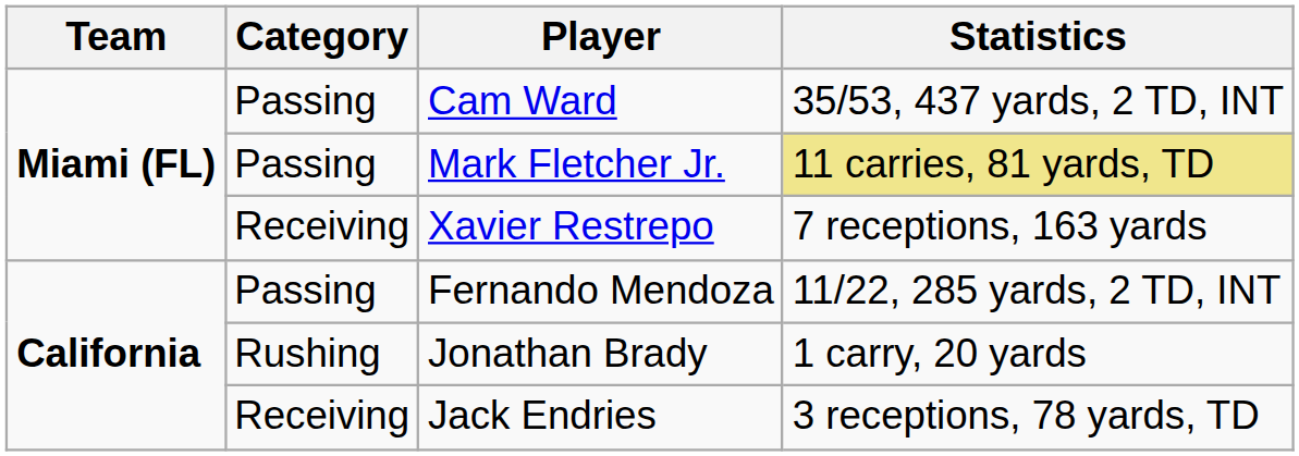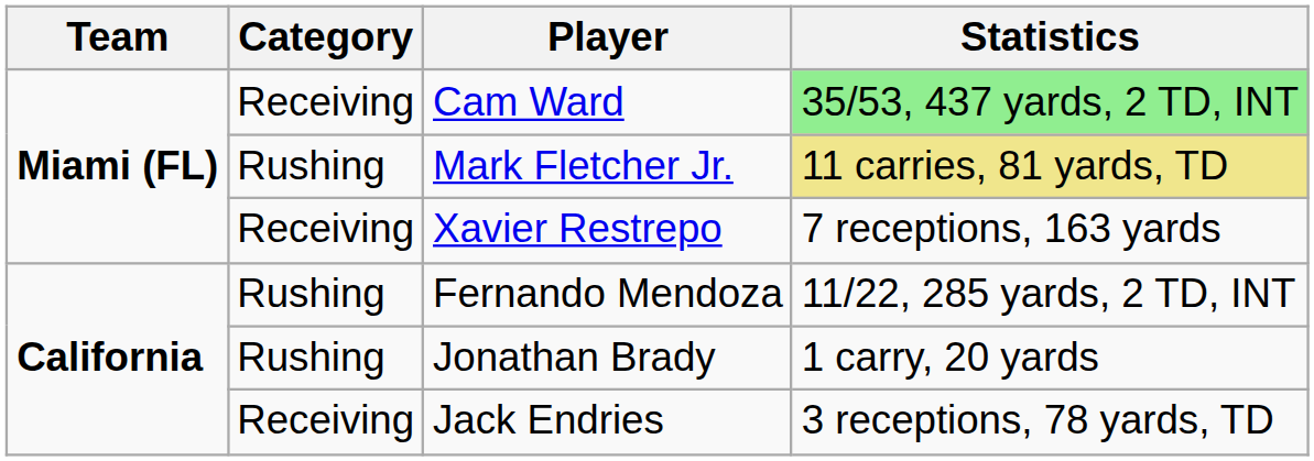 <table class="wikitable" style="float: right;">
 <tr>
 <th>Team</th>
 <th>Category</th>
 <th>Player</th>
 <th>Statistics</th>
 </tr>
 <tr>
 <td rowspan=3><strong>Miami (FL)</strong></td>
-<td>Passing</td>
+<td>Receiving</td>
 <td><a href='#'>Cam Ward</a></td>
-<td>35/53, 437 yards, 2 TD, INT</td>
+<td style="background: lightgreen;">35/53, 437 yards, 2 TD, INT</td>
 </tr>
 <tr>
-<td>Passing</td>
+<td>Rushing</td>
 <td><a href='#'>Mark Fletcher Jr.</a></td>
 <td style="background: khaki;">11 carries, 81 yards, TD</td>
 </tr>
 <tr>
 <td>Receiving</td>
 <td><a href='#'>Xavier Restrepo</a></td>
 <td>7 receptions, 163 yards</td>
 </tr>
 <tr>
 <td rowspan=3><strong>California</strong></td>
-<td>Passing</td>
+<td>Rushing</td>
 <td>Fernando Mendoza</td>
 <td>11/22, 285 yards, 2 TD, INT</td>
 </tr>
 <tr>
 <td>Rushing</td>
 <td>Jonathan Brady</td>
 <td>1 carry, 20 yards</td>
 </tr>
 <tr>
 <td>Receiving</td>
 <td>Jack Endries</td>
 <td>3 receptions, 78 yards, TD</td>
 </tr>
 </table>
